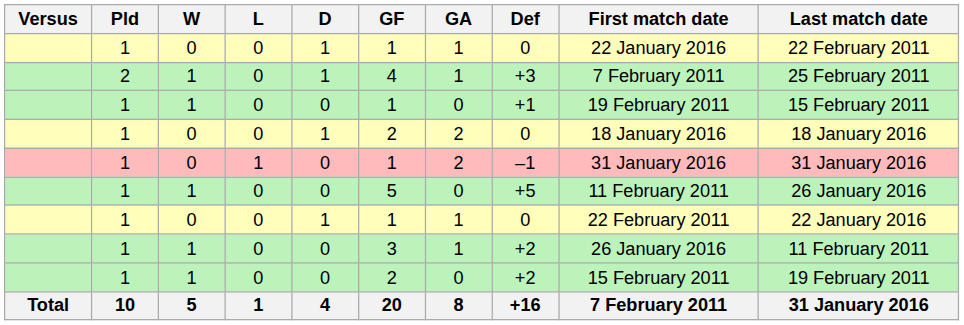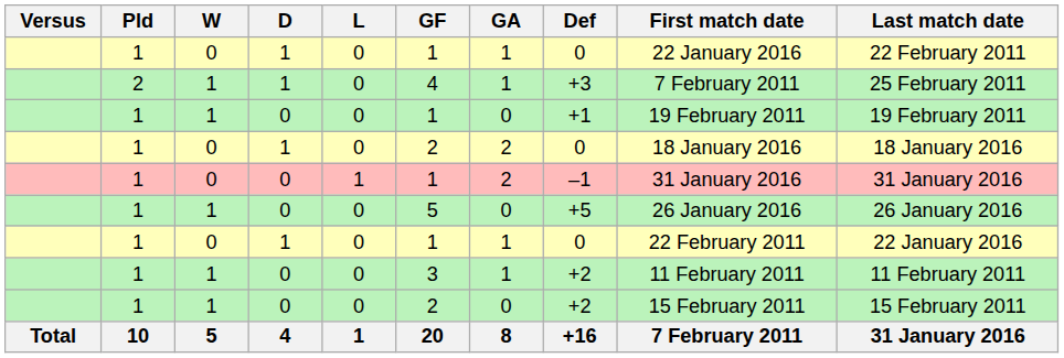 <table class="wikitable collapsed" style="font-size:90%; text-align:center;" width="60%">
 <tr>
 <th width="5%">Versus</th>
 <th width="5%">Pld</th>
 <th width="5%">W</th>
+<th width="5%">D</th>
 <th width="5%">L</th>
-<th width="5%">D</th>
 <th width="5%">GF</th>
 <th width="5%">GA</th>
 <th width="5%">Def</th>
 <th width="15%">First match date</th>
 <th width="15%">Last match date</th>
 </tr>
 <tr bgcolor="#ffffbb">
 <td align="left"></td>
 <td>1</td>
 <td>0</td>
+<td>1</td>
 <td>0</td>
-<td>1</td>
 <td>1</td>
 <td>1</td>
 <td>0</td>
 <td>22 January 2016</td>
 <td>22 February 2011</td>
 </tr>
 <tr bgcolor="#bbf3bb">
 <td align="left"></td>
 <td>2</td>
 <td>1</td>
+<td>1</td>
 <td>0</td>
-<td>1</td>
 <td>4</td>
 <td>1</td>
 <td>+3</td>
 <td>7 February 2011</td>
 <td>25 February 2011</td>
 </tr>
 <tr bgcolor="#bbf3bb">
 <td align="left"></td>
 <td>1</td>
 <td>1</td>
 <td>0</td>
 <td>0</td>
 <td>1</td>
 <td>0</td>
 <td>+1</td>
 <td>19 February 2011</td>
-<td>15 February 2011</td>
+<td>19 February 2011</td>
 </tr>
 <tr bgcolor="#ffffbb">
 <td align="left"></td>
 <td>1</td>
 <td>0</td>
+<td>1</td>
 <td>0</td>
-<td>1</td>
 <td>2</td>
 <td>2</td>
 <td>0</td>
 <td>18 January 2016</td>
 <td>18 January 2016</td>
 </tr>
 <tr bgcolor="#ffbbbb">
 <td align="left"></td>
 <td>1</td>
 <td>0</td>
+<td>0</td>
 <td>1</td>
-<td>0</td>
 <td>1</td>
 <td>2</td>
 <td>–1</td>
 <td>31 January 2016</td>
 <td>31 January 2016</td>
 </tr>
 <tr bgcolor="#bbf3bb">
 <td align="left"></td>
 <td>1</td>
 <td>1</td>
 <td>0</td>
 <td>0</td>
 <td>5</td>
 <td>0</td>
 <td>+5</td>
-<td>11 February 2011</td>
+<td>26 January 2016</td>
 <td>26 January 2016</td>
 </tr>
 <tr bgcolor="#ffffbb">
 <td align="left"></td>
 <td>1</td>
 <td>0</td>
+<td>1</td>
 <td>0</td>
-<td>1</td>
 <td>1</td>
 <td>1</td>
 <td>0</td>
 <td>22 February 2011</td>
 <td>22 January 2016</td>
 </tr>
 <tr bgcolor="#bbf3bb">
 <td align="left"></td>
 <td>1</td>
 <td>1</td>
 <td>0</td>
 <td>0</td>
 <td>3</td>
 <td>1</td>
 <td>+2</td>
-<td>26 January 2016</td>
+<td>11 February 2011</td>
 <td>11 February 2011</td>
 </tr>
 <tr bgcolor="#bbf3bb">
 <td align="left"></td>
 <td>1</td>
 <td>1</td>
 <td>0</td>
 <td>0</td>
 <td>2</td>
 <td>0</td>
 <td>+2</td>
 <td>15 February 2011</td>
-<td>19 February 2011</td>
+<td>15 February 2011</td>
 </tr>
 <tr>
 <th>Total</th>
 <th>10</th>
 <th>5</th>
+<th>4</th>
 <th>1</th>
-<th>4</th>
 <th>20</th>
 <th>8</th>
 <th>+16</th>
 <th>7 February 2011</th>
 <th>31 January 2016</th>
 </tr>
 </table>
